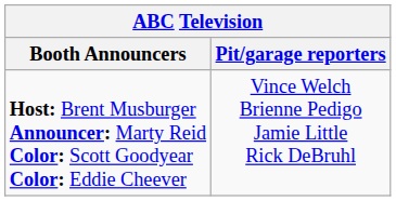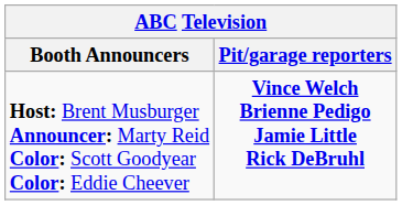 <table class="wikitable" style="font-size: 95%;">
 <tr>
 <th colspan=2><a href='#'>ABC</a> <a href='#'>Television</a></th>
 </tr>
 <tr>
 <th>Booth Announcers</th>
 <th><a href='#'>Pit/garage reporters</a></th>
 </tr>
 <tr>
 <td valign="top"><br><strong>Host:</strong> <a href='#'>Brent Musburger</a><br> <strong><a href='#'>Announcer</a>:</strong> <a href='#'>Marty Reid</a><br> <strong><a href='#'>Color</a>:</strong> <a href='#'>Scott Goodyear</a><br> <strong><a href='#'>Color</a>:</strong> <a href='#'>Eddie Cheever</a><br></td>
-<td align="center" valign="top"><a href='#'>Vince Welch</a><br><a href='#'>Brienne Pedigo</a><br><a href='#'>Jamie Little</a><br><a href='#'>Rick DeBruhl</a></td>
+<td align="center" valign="top"><strong><a href='#'>Vince Welch</a><br><a href='#'>Brienne Pedigo</a><br><a href='#'>Jamie Little</a><br><a href='#'>Rick DeBruhl</a></strong></td>
 </tr>
 </table>
